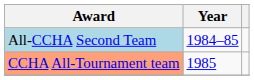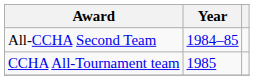 <table class="wikitable">
 <tr>
 <th>Award</th>
 <th>Year</th>
 <th></th>
 </tr>
 <tr>
-<td style="background: lightblue;">All-<a href='#'>CCHA</a> <a href='#'>Second Team</a></td>
+<td>All-<a href='#'>CCHA</a> <a href='#'>Second Team</a></td>
 <td><a href='#'>1984–85</a></td>
 <td></td>
 </tr>
 <tr>
-<td style="background: lightsalmon;"><a href='#'>CCHA</a> <a href='#'>All-Tournament team</a></td>
+<td><a href='#'>CCHA</a> <a href='#'>All-Tournament team</a></td>
 <td><a href='#'>1985</a></td>
 <td></td>
 </tr>
 <tr>
 </tr>
 </table>
